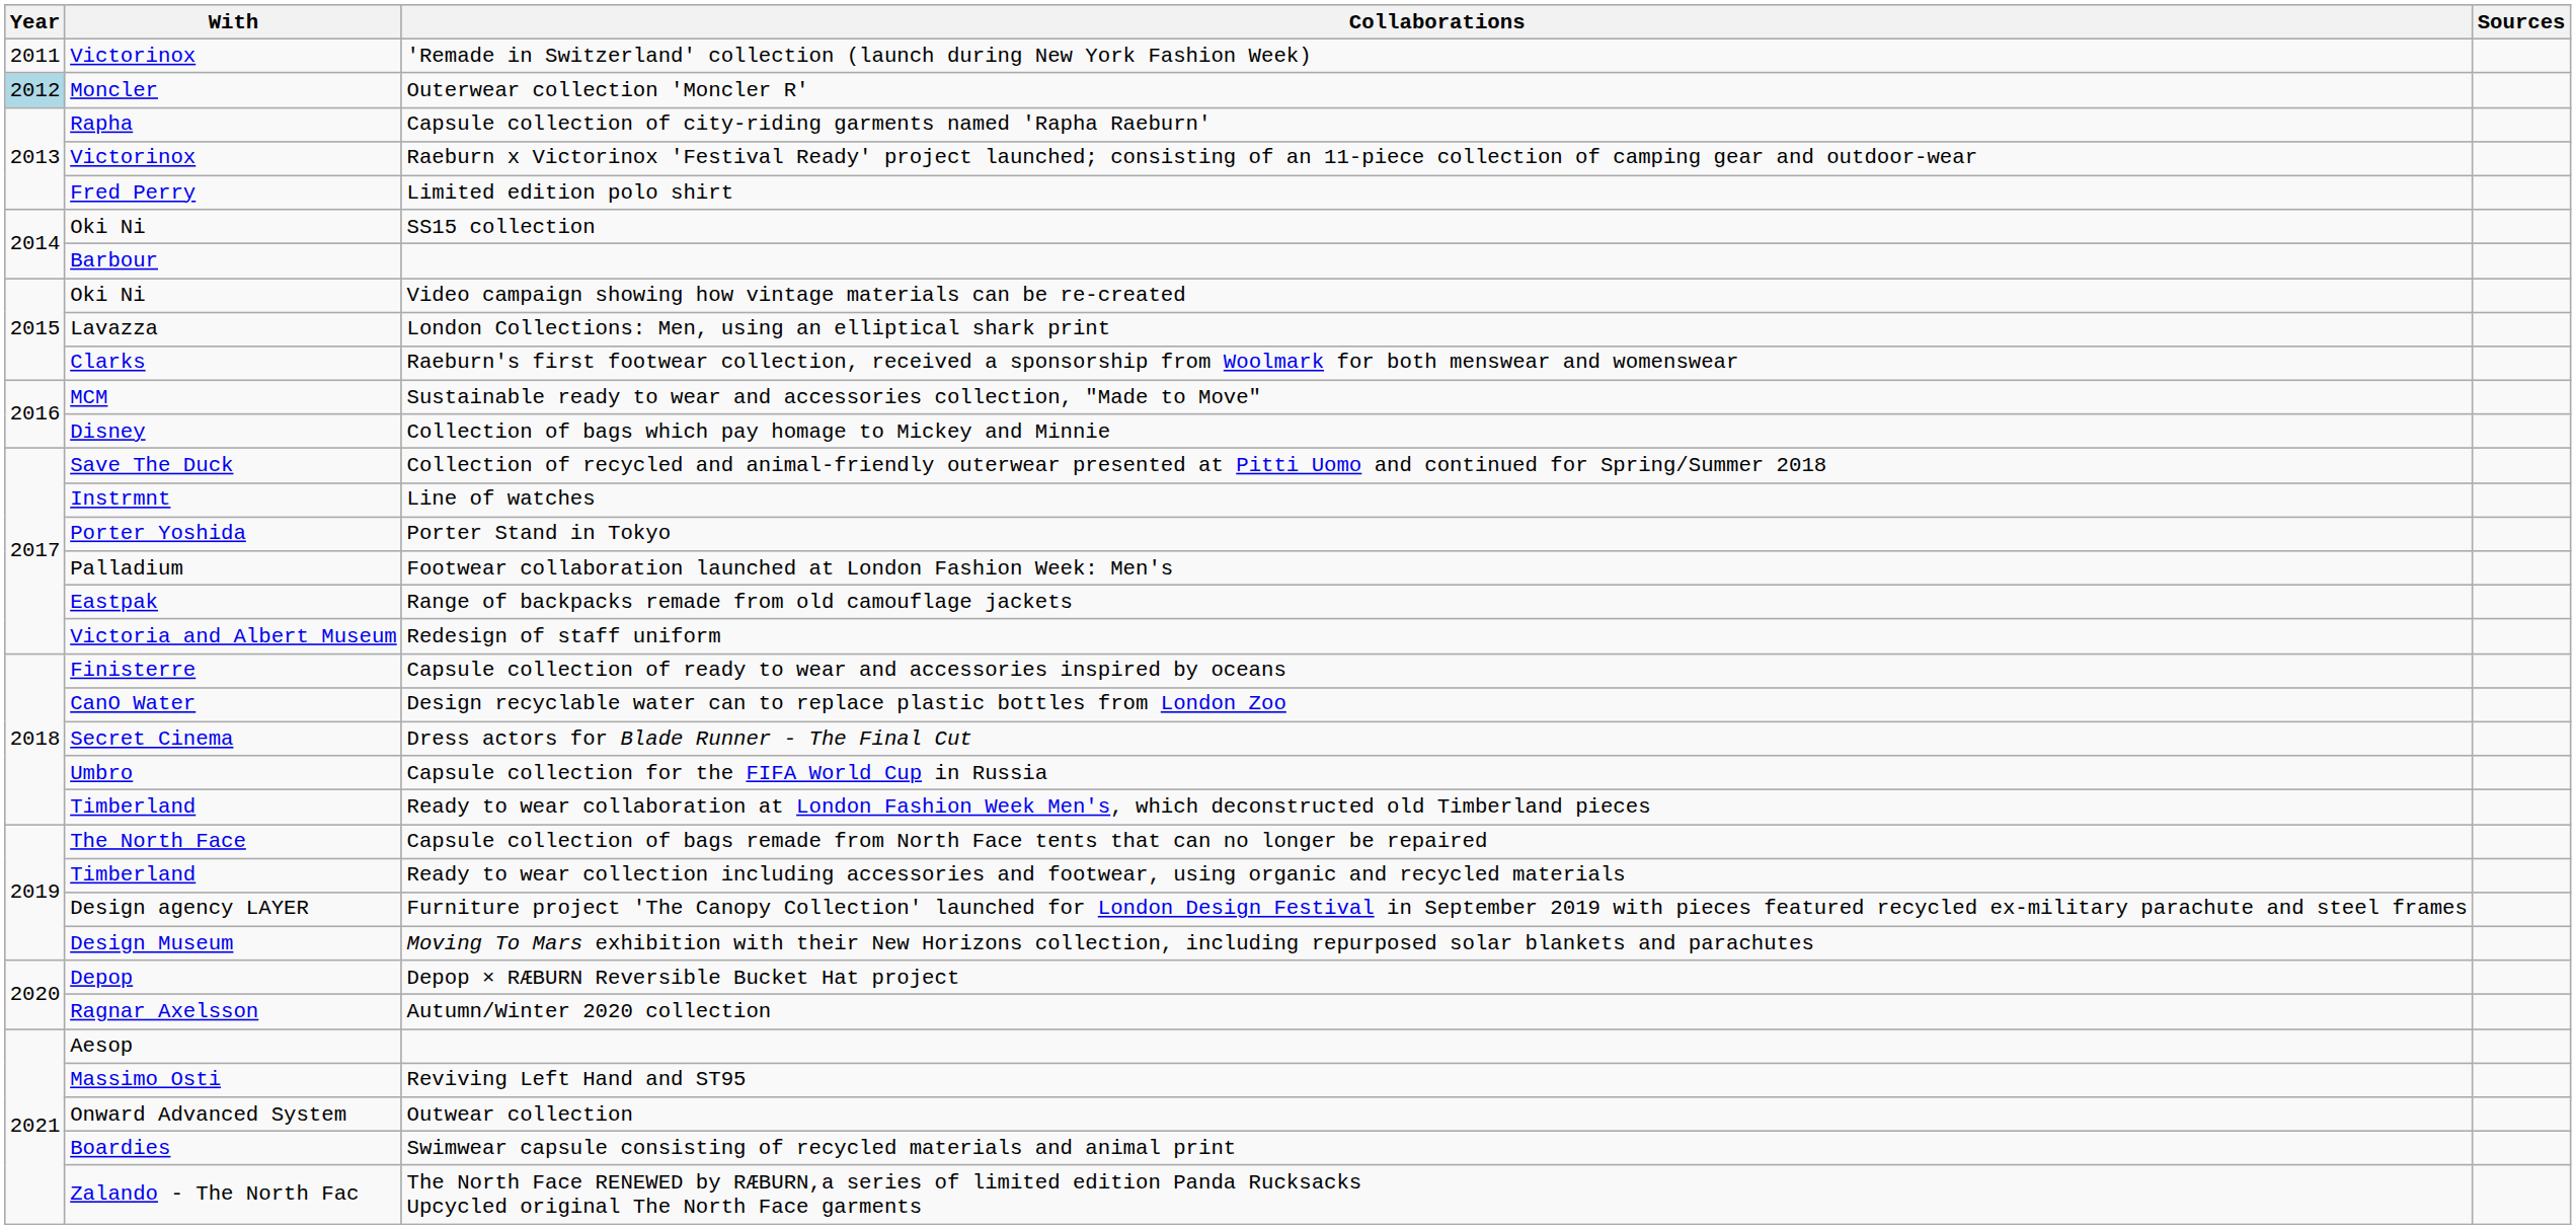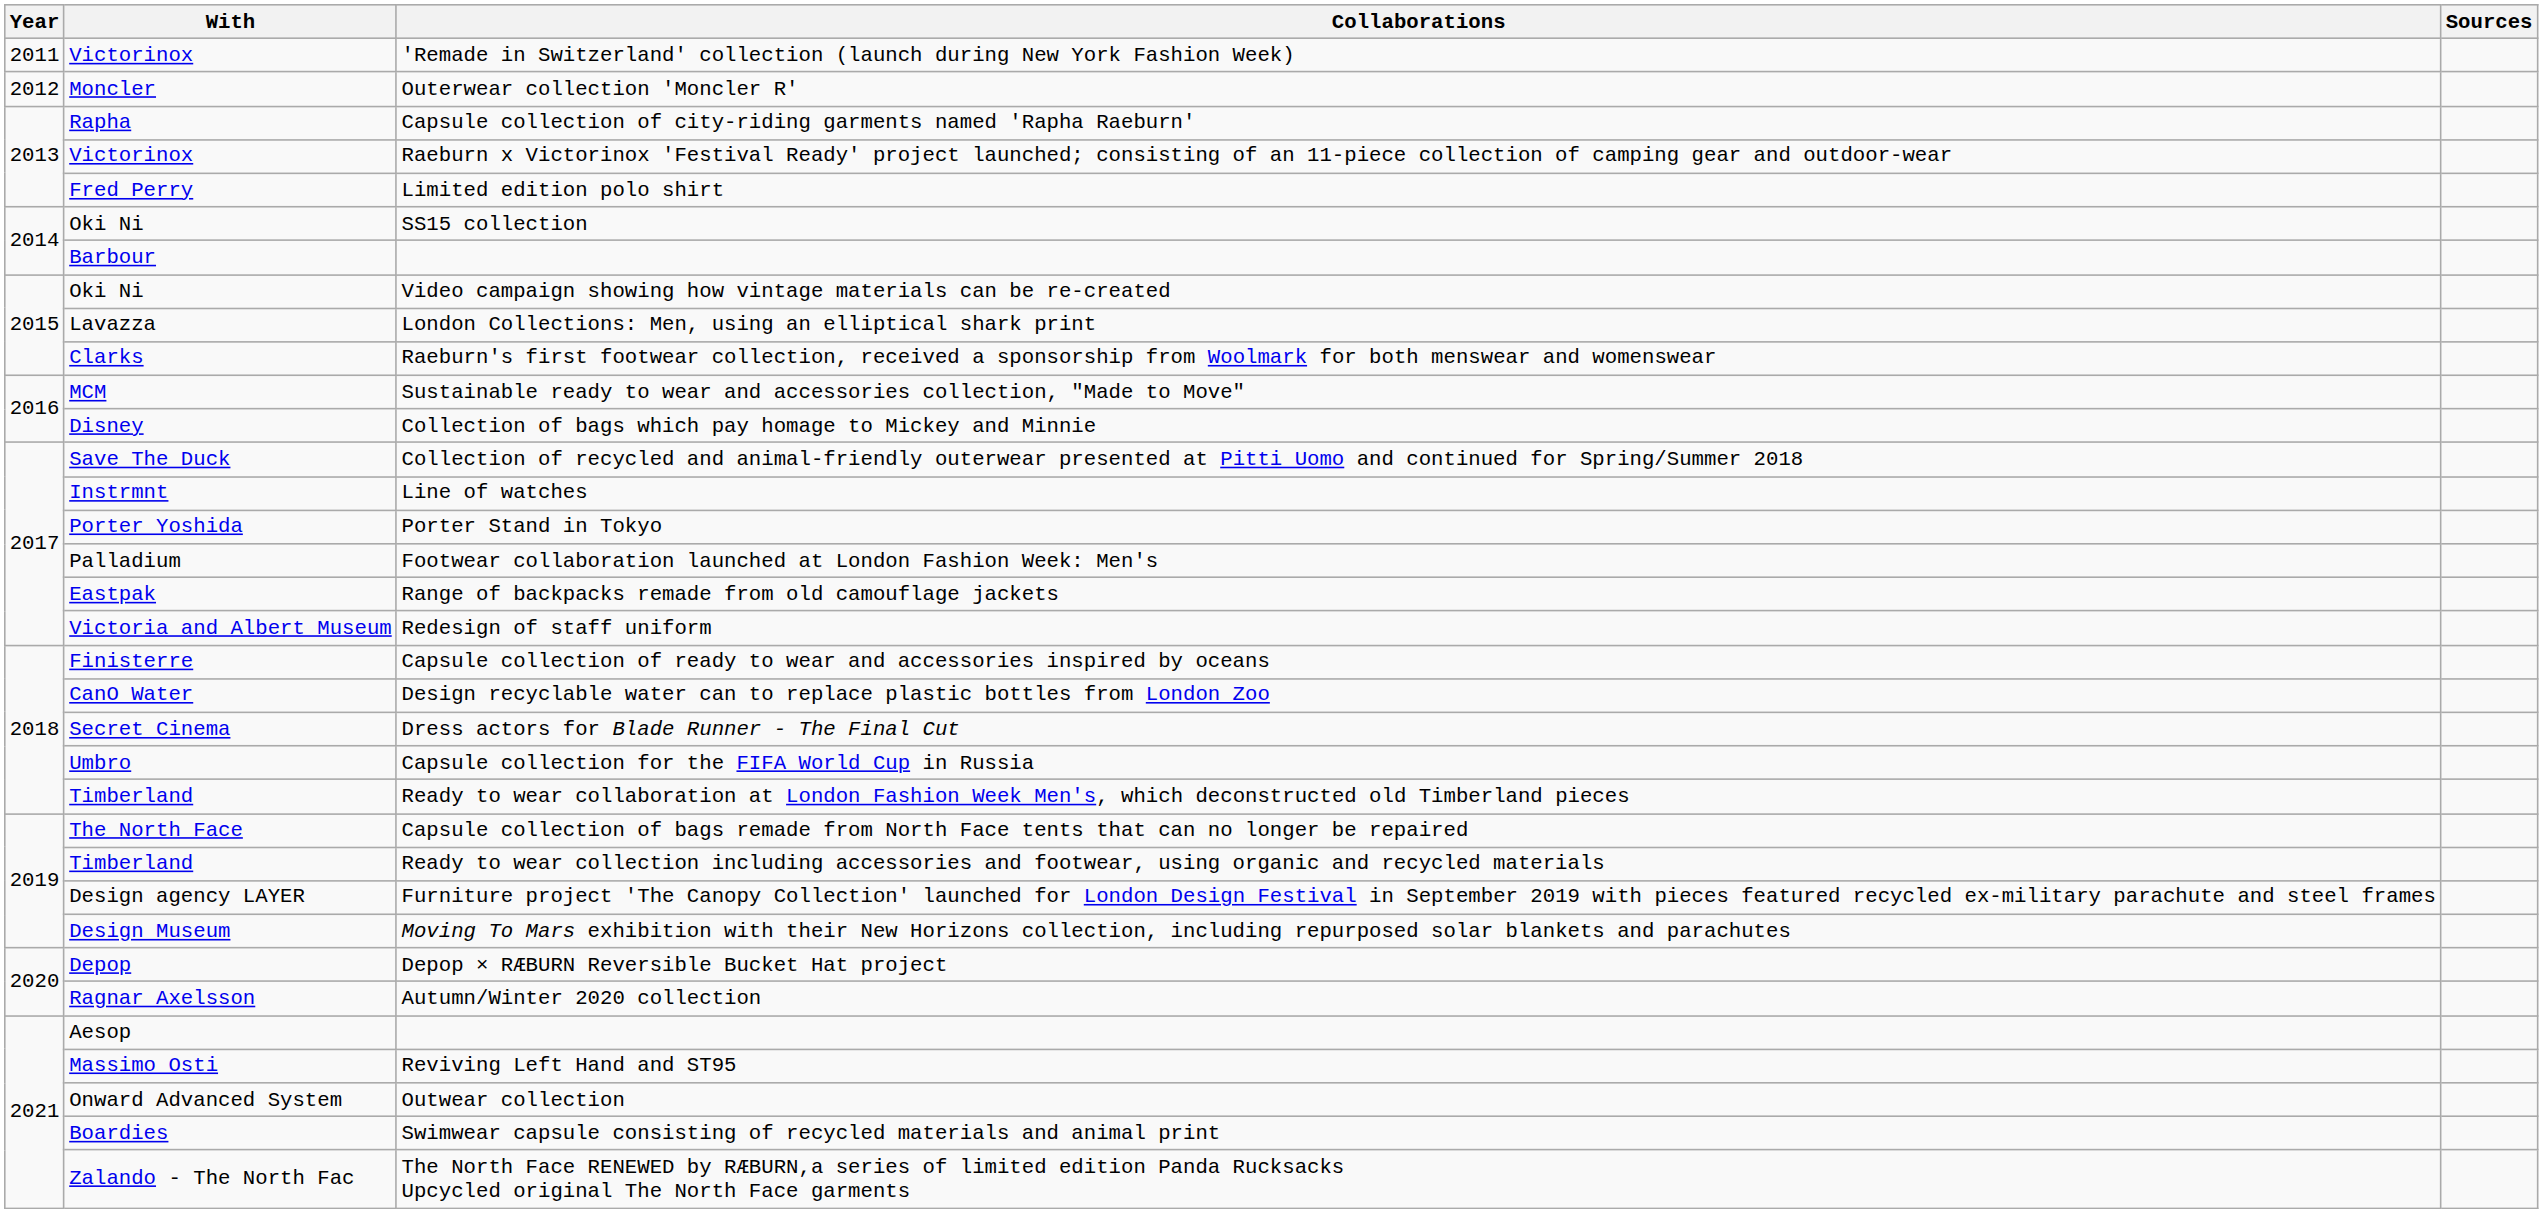 <table class="wikitable">
 <tr>
 <th>Year</th>
 <th>With</th>
 <th>Collaborations</th>
 <th>Sources</th>
 </tr>
 <tr>
 <td>2011</td>
 <td><a href='#'>Victorinox</a></td>
 <td>'Remade in Switzerland' collection (launch during New York Fashion Week)</td>
 <td></td>
 </tr>
 <tr>
-<td style="background: lightblue;">2012</td>
+<td>2012</td>
 <td><a href='#'>Moncler</a></td>
 <td>Outerwear collection 'Moncler R'</td>
 <td></td>
 </tr>
 <tr>
 <td rowspan="3">2013</td>
 <td><a href='#'>Rapha</a></td>
 <td>Capsule collection of city-riding garments named 'Rapha Raeburn'</td>
 <td></td>
 </tr>
 <tr>
 <td><a href='#'>Victorinox</a></td>
 <td>Raeburn x Victorinox 'Festival Ready' project launched; consisting of an 11-piece collection of camping gear and outdoor-wear</td>
 <td></td>
 </tr>
 <tr>
 <td><a href='#'>Fred Perry</a></td>
 <td>Limited edition polo shirt</td>
 <td></td>
 </tr>
 <tr>
 <td rowspan="2">2014</td>
 <td>Oki Ni</td>
 <td>SS15 collection</td>
 <td></td>
 </tr>
 <tr>
 <td><a href='#'>Barbour</a></td>
 <td></td>
 <td></td>
 </tr>
 <tr>
 <td rowspan="3">2015</td>
 <td>Oki Ni</td>
 <td>Video campaign showing how vintage materials can be re-created</td>
 <td></td>
 </tr>
 <tr>
 <td>Lavazza</td>
 <td>London Collections: Men, using an elliptical shark print</td>
 <td></td>
 </tr>
 <tr>
 <td><a href='#'>Clarks</a></td>
 <td>Raeburn's first footwear collection, received a sponsorship from <a href='#'>Woolmark</a> for both menswear and womenswear</td>
 <td></td>
 </tr>
 <tr>
 <td rowspan="2">2016</td>
 <td><a href='#'>MCM</a></td>
 <td>Sustainable ready to wear and accessories collection, "Made to Move"</td>
 <td></td>
 </tr>
 <tr>
 <td><a href='#'>Disney</a></td>
 <td>Collection of bags which pay homage to Mickey and Minnie</td>
 <td></td>
 </tr>
 <tr>
 <td rowspan="6">2017</td>
 <td><a href='#'>Save The Duck</a></td>
 <td>Collection of recycled and animal-friendly outerwear presented at <a href='#'>Pitti Uomo</a> and continued for Spring/Summer 2018</td>
 <td></td>
 </tr>
 <tr>
 <td><a href='#'>Instrmnt</a></td>
 <td>Line of watches</td>
 <td></td>
 </tr>
 <tr>
 <td><a href='#'>Porter Yoshida</a></td>
 <td>Porter Stand in Tokyo</td>
 <td></td>
 </tr>
 <tr>
 <td>Palladium</td>
 <td>Footwear collaboration launched at London Fashion Week: Men's</td>
 <td></td>
 </tr>
 <tr>
 <td><a href='#'>Eastpak</a></td>
 <td>Range of backpacks remade from old camouflage jackets</td>
 <td></td>
 </tr>
 <tr>
 <td><a href='#'>Victoria and Albert Museum</a></td>
 <td>Redesign of staff uniform</td>
 <td></td>
 </tr>
 <tr>
 <td rowspan="5">2018</td>
 <td><a href='#'>Finisterre</a></td>
 <td>Capsule collection of ready to wear and accessories inspired by oceans</td>
 <td></td>
 </tr>
 <tr>
 <td><a href='#'>CanO Water</a></td>
 <td>Design recyclable water can to replace plastic bottles from <a href='#'>London Zoo</a></td>
 <td></td>
 </tr>
 <tr>
 <td><a href='#'>Secret Cinema</a></td>
 <td>Dress actors for <em>Blade Runner - The Final Cut</em></td>
 <td></td>
 </tr>
 <tr>
 <td><a href='#'>Umbro</a></td>
 <td>Capsule collection for the <a href='#'>FIFA World Cup</a> in Russia</td>
 <td></td>
 </tr>
 <tr>
 <td><a href='#'>Timberland</a></td>
 <td>Ready to wear collaboration at <a href='#'>London Fashion Week Men's</a>, which deconstructed old Timberland pieces</td>
 <td></td>
 </tr>
 <tr>
 <td rowspan="4">2019</td>
 <td><a href='#'>The North Face</a></td>
 <td>Capsule collection of bags remade from North Face tents that can no longer be repaired</td>
 <td></td>
 </tr>
 <tr>
 <td><a href='#'>Timberland</a></td>
 <td>Ready to wear collection including accessories and footwear, using organic and recycled materials</td>
 <td></td>
 </tr>
 <tr>
 <td>Design agency LAYER</td>
 <td>Furniture project 'The Canopy Collection' launched for <a href='#'>London Design Festival</a> in September 2019 with pieces featured recycled ex-military parachute and steel frames</td>
 <td></td>
 </tr>
 <tr>
 <td><a href='#'>Design Museum</a></td>
 <td><em>Moving To Mars</em> exhibition with their New Horizons collection, including repurposed solar blankets and parachutes</td>
 <td></td>
 </tr>
 <tr>
 <td rowspan="2">2020</td>
 <td><a href='#'>Depop</a></td>
 <td>Depop × RÆBURN Reversible Bucket Hat project</td>
 <td></td>
 </tr>
 <tr>
 <td><a href='#'>Ragnar Axelsson</a></td>
 <td>Autumn/Winter 2020 collection</td>
 <td></td>
 </tr>
 <tr>
 <td rowspan="5">2021</td>
 <td>Aesop</td>
 <td></td>
 <td></td>
 </tr>
 <tr>
 <td><a href='#'>Massimo Osti</a></td>
 <td>Reviving Left Hand and ST95</td>
 <td></td>
 </tr>
 <tr>
 <td>Onward Advanced System</td>
 <td>Outwear collection</td>
 <td></td>
 </tr>
 <tr>
 <td><a href='#'>Boardies</a></td>
 <td>Swimwear capsule consisting of recycled materials and animal print</td>
 <td></td>
 </tr>
 <tr>
 <td><a href='#'>Zalando</a> - The North Fac</td>
 <td>The North Face RENEWED by RÆBURN,a series of limited edition Panda Rucksacks<br>Upcycled original The North Face garments</td>
 <td></td>
 </tr>
 </table>
